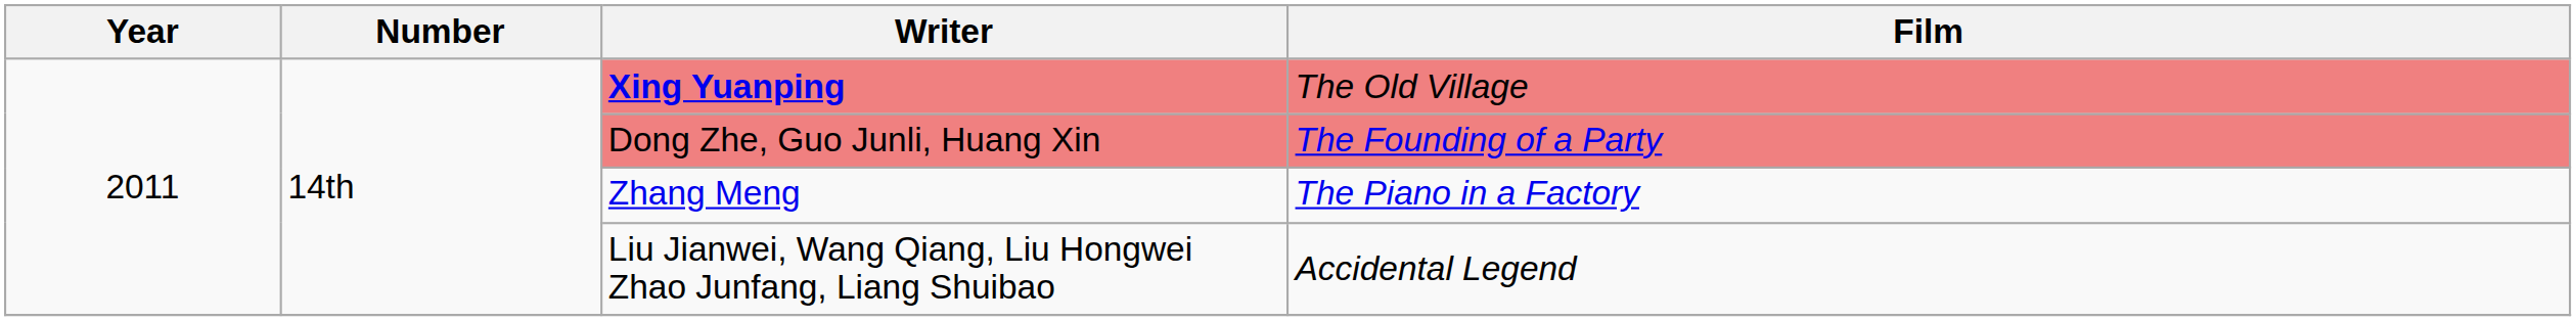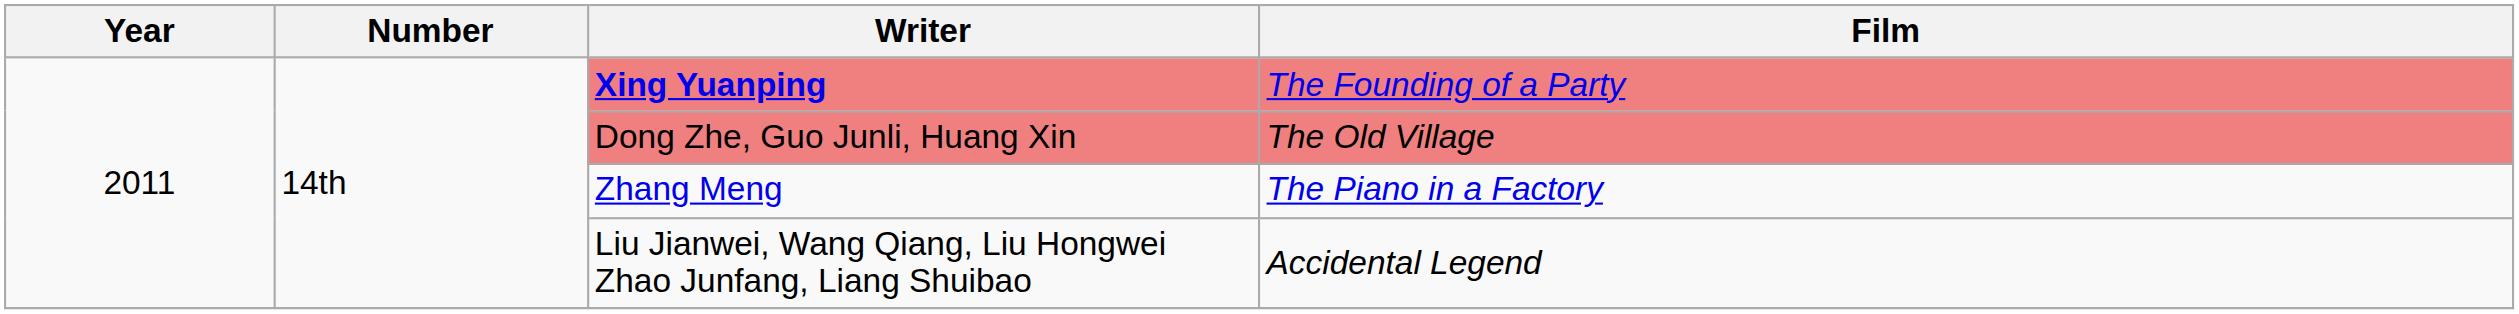 <table class="wikitable" width="95%" align="center">
 <tr>
 <th width="6%">Year</th>
 <th width="7%">Number</th>
 <th width="15%">Writer</th>
 <th width="28%">Film</th>
 </tr>
 <tr>
 <td rowspan="4" style="text-align:center;">2011</td>
 <td rowspan="4">14th</td>
 <td style="background:#F08080;"><strong><a href='#'>Xing Yuanping</a></strong></td>
-<td style="background:#F08080;"><em>The Old Village</em></td>
+<td style="background:#F08080;"><em><a href='#'>The Founding of a Party</a></em></td>
 </tr>
 <tr>
 <td style="background:#F08080;">Dong Zhe, Guo Junli, Huang Xin</td>
-<td style="background:#F08080;"><em><a href='#'>The Founding of a Party</a></em></td>
+<td style="background:#F08080;"><em>The Old Village</em></td>
 </tr>
 <tr>
 <td><a href='#'>Zhang Meng</a></td>
 <td><em><a href='#'>The Piano in a Factory</a></em></td>
 </tr>
 <tr>
 <td>Liu Jianwei, Wang Qiang, Liu Hongwei<br>Zhao Junfang, Liang Shuibao</td>
 <td><em>Accidental Legend</em></td>
 </tr>
 <tr>
 </tr>
 </table>
